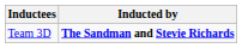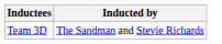 <table class="wikitable">
 <tr>
 <th>Inductees</th>
 <th>Inducted by</th>
 </tr>
 <tr>
 <td><a href='#'>Team 3D</a><br></td>
-<td><strong><a href='#'>The Sandman</a> and <a href='#'>Stevie Richards</a></strong></td>
+<td><a href='#'>The Sandman</a> and <a href='#'>Stevie Richards</a></td>
 </tr>
 </table>
